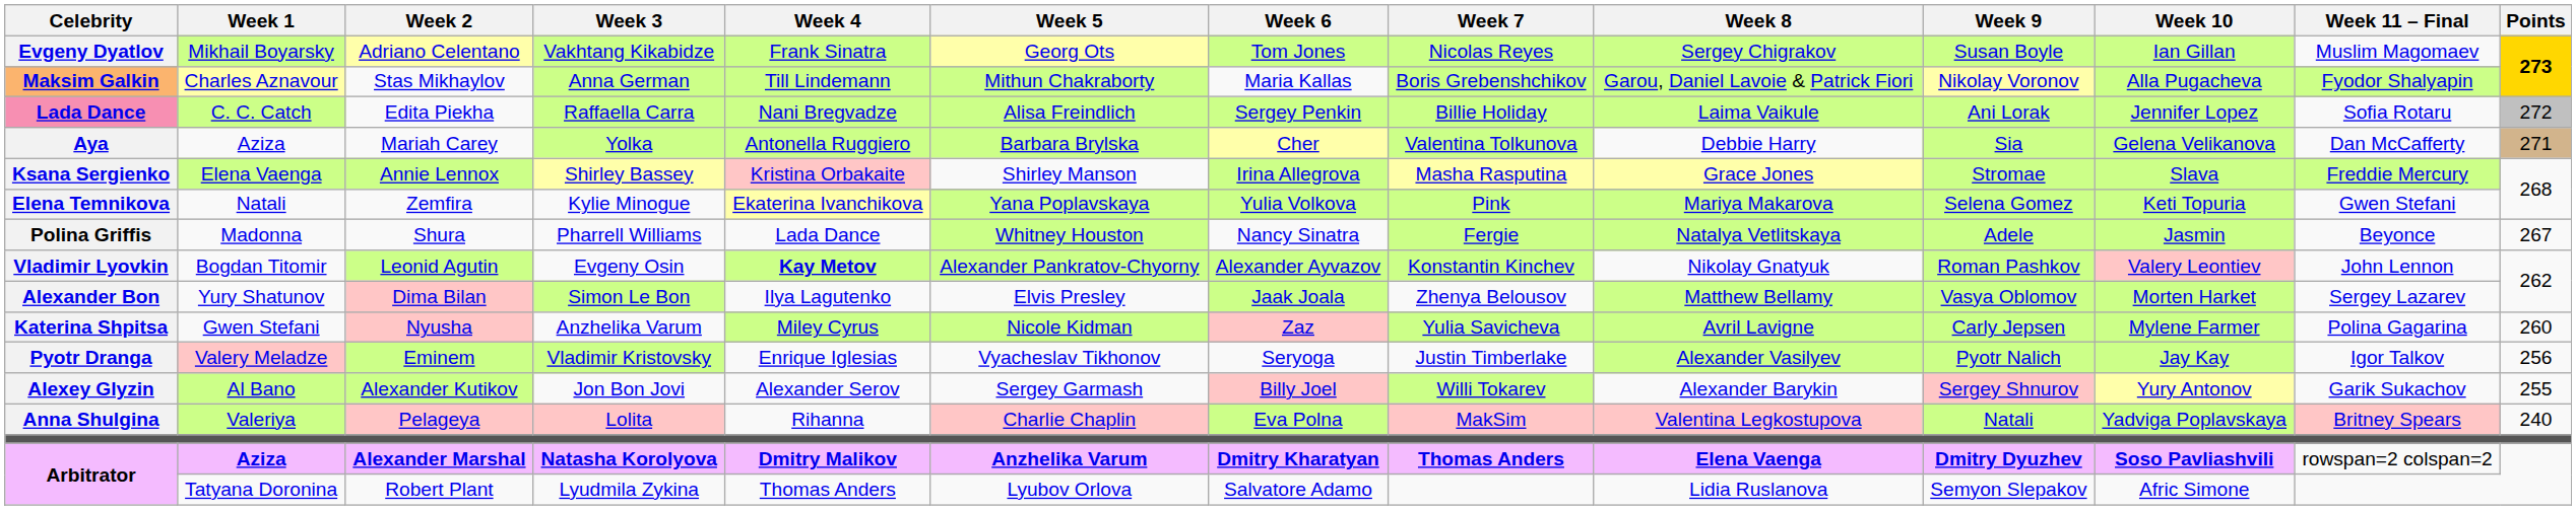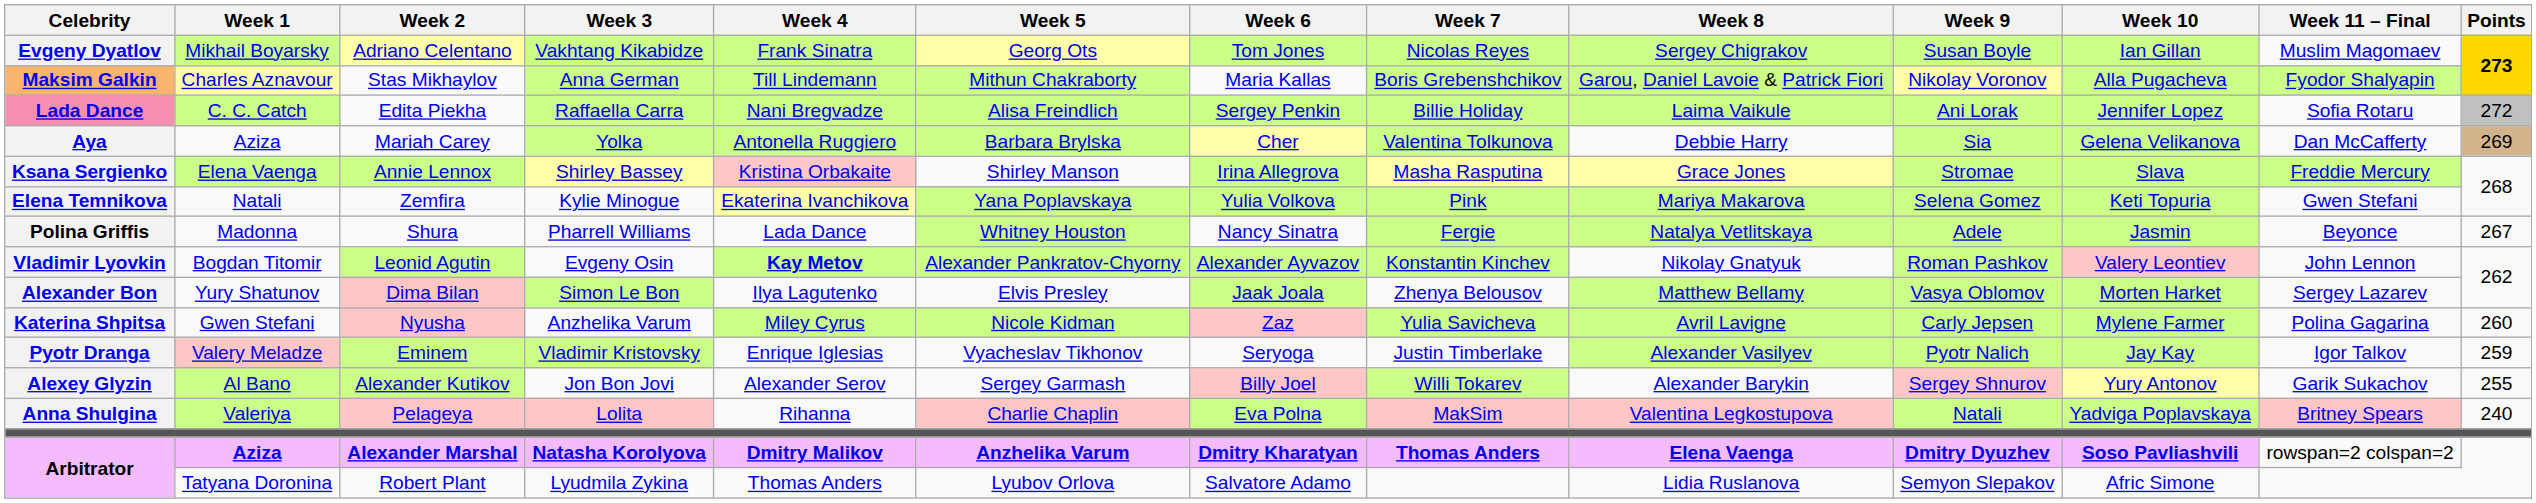 <table class="wikitable" style="text-align:center; font-size:90%; line-height:16px;" width="120%">
 <tr>
 <th>Celebrity</th>
 <th>Week 1</th>
 <th>Week 2</th>
 <th>Week 3</th>
 <th>Week 4</th>
 <th>Week 5</th>
 <th>Week 6</th>
 <th>Week 7</th>
 <th>Week 8</th>
 <th>Week 9</th>
 <th>Week 10</th>
 <th>Week 11 – Final</th>
 <th>Points</th>
 </tr>
 <tr>
 <th><a href='#'>Evgeny Dyatlov</a></th>
 <td style="background:#ccff88;"><a href='#'>Mikhail Boyarsky</a></td>
 <td style="background:#ffffaa;"><a href='#'>Adriano Celentano</a></td>
 <td style="background:#ccff88;"><a href='#'>Vakhtang Kikabidze</a></td>
 <td style="background:#ccff88;"><a href='#'>Frank Sinatra</a></td>
 <td style="background:#ffffaa;"><a href='#'>Georg Ots</a></td>
 <td style="background:#ccff88;"><a href='#'>Tom Jones</a></td>
 <td style="background:#ccff88;"><a href='#'>Nicolas Reyes</a></td>
 <td style="background:#ccff88;"><a href='#'>Sergey Chigrakov</a></td>
 <td style="background:#ccff88;"><a href='#'>Susan Boyle</a></td>
 <td style="background:#ccff88;"><a href='#'>Ian Gillan</a></td>
 <td><a href='#'>Muslim Magomaev</a></td>
 <td rowspan=2 style="background:gold;"><strong>273</strong></td>
 </tr>
 <tr>
 <th style="background:#fbb46e;"><a href='#'>Maksim Galkin</a></th>
 <td style="background:#ffffaa;"><a href='#'>Charles Aznavour</a></td>
 <td><a href='#'>Stas Mikhaylov</a></td>
 <td style="background:#ccff88;"><a href='#'>Anna German</a></td>
 <td style="background:#ccff88;"><a href='#'>Till Lindemann</a></td>
 <td style="background:#ccff88;"><a href='#'>Mithun Chakraborty</a></td>
 <td><a href='#'>Maria Kallas</a></td>
 <td style="background:#ccff88;"><a href='#'>Boris Grebenshchikov</a></td>
 <td style="background:#ccff88;"><a href='#'>Garou</a>, <a href='#'>Daniel Lavoie</a> & <a href='#'>Patrick Fiori</a></td>
 <td style="background:#ffffaa;"><a href='#'>Nikolay Voronov</a></td>
 <td style="background:#ccff88;"><a href='#'>Alla Pugacheva</a></td>
 <td style="background:#ccff88;"><a href='#'>Fyodor Shalyapin</a></td>
 </tr>
 <tr>
 <th style="background:#f78fb2;"><a href='#'>Lada Dance</a></th>
 <td style="background:#ccff88;"><a href='#'>C. C. Catch</a></td>
 <td><a href='#'>Edita Piekha</a></td>
 <td style="background:#ccff88;"><a href='#'>Raffaella Carra</a></td>
 <td style="background:#ccff88;"><a href='#'>Nani Bregvadze</a></td>
 <td style="background:#ccff88;"><a href='#'>Alisa Freindlich</a></td>
 <td style="background:#ccff88;"><a href='#'>Sergey Penkin</a></td>
 <td style="background:#ccff88;"><a href='#'>Billie Holiday</a></td>
 <td style="background:#ccff88;"><a href='#'>Laima Vaikule</a></td>
 <td style="background:#ccff88;"><a href='#'>Ani Lorak</a></td>
 <td style="background:#ccff88;"><a href='#'>Jennifer Lopez</a></td>
 <td><a href='#'>Sofia Rotaru</a></td>
 <td style="background:silver;">272</td>
 </tr>
 <tr>
 <th><a href='#'>Aya</a></th>
 <td><a href='#'>Aziza</a></td>
 <td><a href='#'>Mariah Carey</a></td>
 <td style="background:#ccff88;"><a href='#'>Yolka</a></td>
 <td style="background:#ccff88;"><a href='#'>Antonella Ruggiero</a></td>
 <td style="background:#ccff88;"><a href='#'>Barbara Brylska</a></td>
 <td style="background:#ffffaa;"><a href='#'>Cher</a></td>
 <td style="background:#ccff88;"><a href='#'>Valentina Tolkunova</a></td>
 <td><a href='#'>Debbie Harry</a></td>
 <td style="background:#ccff88;"><a href='#'>Sia</a></td>
 <td style="background:#ccff88;"><a href='#'>Gelena Velikanova</a></td>
 <td><a href='#'>Dan McCafferty</a></td>
-<td style="background:tan;">271</td>
+<td style="background:tan;">269</td>
 </tr>
 <tr>
 <th><a href='#'>Ksana Sergienko</a></th>
 <td style="background:#ccff88;"><a href='#'>Elena Vaenga</a></td>
 <td style="background:#ccff88;"><a href='#'>Annie Lennox</a></td>
 <td style="background:#ffffaa;"><a href='#'>Shirley Bassey</a></td>
 <td style="background:#ffc6c6;"><a href='#'>Kristina Orbakaite</a></td>
 <td><a href='#'>Shirley Manson</a></td>
 <td style="background:#ccff88;"><a href='#'>Irina Allegrova</a></td>
 <td style="background:#ffffaa;"><a href='#'>Masha Rasputina</a></td>
 <td style="background:#ffffaa;"><a href='#'>Grace Jones</a></td>
 <td style="background:#ccff88;"><a href='#'>Stromae</a></td>
 <td style="background:#ccff88;"><a href='#'>Slava</a></td>
 <td style="background:#ccff88;"><a href='#'>Freddie Mercury</a></td>
 <td rowspan=2>268</td>
 </tr>
 <tr>
 <th><a href='#'>Elena Temnikova</a></th>
 <td><a href='#'>Natali</a></td>
 <td><a href='#'>Zemfira</a></td>
 <td><a href='#'>Kylie Minogue</a></td>
 <td style="background:#ffffaa;"><a href='#'>Ekaterina Ivanchikova</a></td>
 <td style="background:#ccff88;"><a href='#'>Yana Poplavskaya</a></td>
 <td style="background:#ccff88;"><a href='#'>Yulia Volkova</a></td>
 <td style="background:#ccff88;"><a href='#'>Pink</a></td>
 <td style="background:#ccff88;"><a href='#'>Mariya Makarova</a></td>
 <td style="background:#ccff88;"><a href='#'>Selena Gomez</a></td>
 <td style="background:#ccff88;"><a href='#'>Keti Topuria</a></td>
 <td><a href='#'>Gwen Stefani</a></td>
 </tr>
 <tr>
 <th>Polina Griffis</th>
 <td><a href='#'>Madonna</a></td>
 <td><a href='#'>Shura</a></td>
 <td><a href='#'>Pharrell Williams</a></td>
 <td><a href='#'>Lada Dance</a></td>
 <td style="background:#ccff88;"><a href='#'>Whitney Houston</a></td>
 <td><a href='#'>Nancy Sinatra</a></td>
 <td style="background:#ccff88;"><a href='#'>Fergie</a></td>
 <td style="background:#ccff88;"><a href='#'>Natalya Vetlitskaya</a></td>
 <td style="background:#ccff88;"><a href='#'>Adele</a></td>
 <td style="background:#ccff88;"><a href='#'>Jasmin</a></td>
 <td><a href='#'>Beyonce</a></td>
 <td>267</td>
 </tr>
 <tr>
 <th><a href='#'>Vladimir Lyovkin</a></th>
 <td><a href='#'>Bogdan Titomir</a></td>
 <td style="background:#ccff88;"><a href='#'>Leonid Agutin</a></td>
 <td><a href='#'>Evgeny Osin</a></td>
 <td style="background:#ccff88;"><strong><a href='#'>Kay Metov</a></strong></td>
 <td style="background:#ccff88;"><a href='#'>Alexander Pankratov-Chyorny</a></td>
 <td style="background:#ccff88;"><a href='#'>Alexander Ayvazov</a></td>
 <td style="background:#ccff88;"><a href='#'>Konstantin Kinchev</a></td>
 <td><a href='#'>Nikolay Gnatyuk</a></td>
 <td style="background:#ccff88;"><a href='#'>Roman Pashkov</a></td>
 <td style="background:#ffc6c6;"><a href='#'>Valery Leontiev</a></td>
 <td><a href='#'>John Lennon</a></td>
 <td rowspan=2>262</td>
 </tr>
 <tr>
 <th><a href='#'>Alexander Bon</a></th>
 <td><a href='#'>Yury Shatunov</a></td>
 <td style="background:#ffc6c6;"><a href='#'>Dima Bilan</a></td>
 <td style="background:#ccff88;"><a href='#'>Simon Le Bon</a></td>
 <td><a href='#'>Ilya Lagutenko</a></td>
 <td><a href='#'>Elvis Presley</a></td>
 <td style="background:#ccff88;"><a href='#'>Jaak Joala</a></td>
 <td><a href='#'>Zhenya Belousov</a></td>
 <td style="background:#ccff88;"><a href='#'>Matthew Bellamy</a></td>
 <td style="background:#ccff88;"><a href='#'>Vasya Oblomov</a></td>
 <td style="background:#ccff88;"><a href='#'>Morten Harket</a></td>
 <td><a href='#'>Sergey Lazarev</a></td>
 </tr>
 <tr>
 <th><a href='#'>Katerina Shpitsa</a></th>
 <td><a href='#'>Gwen Stefani</a></td>
 <td style="background:#ffc6c6;"><a href='#'>Nyusha</a></td>
 <td><a href='#'>Anzhelika Varum</a></td>
 <td style="background:#ccff88;"><a href='#'>Miley Cyrus</a></td>
 <td style="background:#ccff88;"><a href='#'>Nicole Kidman</a></td>
 <td style="background:#ffc6c6;"><a href='#'>Zaz</a></td>
 <td style="background:#ccff88;"><a href='#'>Yulia Savicheva</a></td>
 <td style="background:#ccff88;"><a href='#'>Avril Lavigne</a></td>
 <td style="background:#ccff88;"><a href='#'>Carly Jepsen</a></td>
 <td style="background:#ccff88;"><a href='#'>Mylene Farmer</a></td>
 <td><a href='#'>Polina Gagarina</a></td>
 <td>260</td>
 </tr>
 <tr>
 <th><a href='#'>Pyotr Dranga</a></th>
 <td style="background:#ffc6c6;"><a href='#'>Valery Meladze</a></td>
 <td style="background:#ccff88;"><a href='#'>Eminem</a></td>
 <td style="background:#ccff88;"><a href='#'>Vladimir Kristovsky</a></td>
 <td><a href='#'>Enrique Iglesias</a></td>
 <td><a href='#'>Vyacheslav Tikhonov</a></td>
 <td><a href='#'>Seryoga</a></td>
 <td><a href='#'>Justin Timberlake</a></td>
 <td style="background:#ccff88;"><a href='#'>Alexander Vasilyev</a></td>
 <td style="background:#ccff88;"><a href='#'>Pyotr Nalich</a></td>
 <td style="background:#ccff88;"><a href='#'>Jay Kay</a></td>
 <td><a href='#'>Igor Talkov</a></td>
-<td>256</td>
+<td>259</td>
 </tr>
 <tr>
 <th><a href='#'>Alexey Glyzin</a></th>
 <td style="background:#ccff88;"><a href='#'>Al Bano</a></td>
 <td style="background:#ccff88;"><a href='#'>Alexander Kutikov</a></td>
 <td><a href='#'>Jon Bon Jovi</a></td>
 <td><a href='#'>Alexander Serov</a></td>
 <td><a href='#'>Sergey Garmash</a></td>
 <td style="background:#ffc6c6;"><a href='#'>Billy Joel</a></td>
 <td style="background:#ccff88;"><a href='#'>Willi Tokarev</a></td>
 <td><a href='#'>Alexander Barykin</a></td>
 <td style="background:#ffc6c6;"><a href='#'>Sergey Shnurov</a></td>
 <td style="background:#ffffaa;"><a href='#'>Yury Antonov</a></td>
 <td><a href='#'>Garik Sukachov</a></td>
 <td>255</td>
 </tr>
 <tr>
 <th><a href='#'>Anna Shulgina</a></th>
 <td style="background:#ccff88;"><a href='#'>Valeriya</a></td>
 <td style="background:#ffc6c6;"><a href='#'>Pelageya</a></td>
 <td style="background:#ffc6c6;"><a href='#'>Lolita</a></td>
 <td><a href='#'>Rihanna</a></td>
 <td style="background:#ffc6c6;"><a href='#'>Charlie Chaplin</a></td>
 <td style="background:#ccff88;"><a href='#'>Eva Polna</a></td>
 <td style="background:#ffc6c6;"><a href='#'>MakSim</a></td>
 <td style="background:#ffc6c6;"><a href='#'>Valentina Legkostupova</a></td>
 <td style="background:#ccff88;"><a href='#'>Natali</a></td>
 <td style="background:#ccff88;"><a href='#'>Yadviga Poplavskaya</a></td>
 <td style="background:#ffc6c6;"><a href='#'>Britney Spears</a></td>
 <td>240</td>
 </tr>
 <tr>
 <td colspan=14 style="background:#555555;"></td>
 </tr>
 <tr>
 <th rowspan=2 style="background:#f4bbff">Arbitrator</th>
 <th style="background:#f4bbff"><a href='#'>Aziza</a></th>
 <th style="background:#f4bbff"><a href='#'>Alexander Marshal</a></th>
 <th style="background:#f4bbff"><a href='#'>Natasha Korolyova</a></th>
 <th style="background:#f4bbff"><a href='#'>Dmitry Malikov</a></th>
 <th style="background:#f4bbff"><a href='#'>Anzhelika Varum</a></th>
 <th style="background:#f4bbff"><a href='#'>Dmitry Kharatyan</a></th>
 <th style="background:#f4bbff"><a href='#'>Thomas Anders</a></th>
 <th style="background:#f4bbff"><a href='#'>Elena Vaenga</a></th>
 <th style="background:#f4bbff"><a href='#'>Dmitry Dyuzhev</a></th>
 <th style="background:#f4bbff"><a href='#'>Soso Pavliashvili</a></th>
 <td>rowspan=2 colspan=2 </td>
 </tr>
 <tr>
 <td><a href='#'>Tatyana Doronina</a></td>
 <td><a href='#'>Robert Plant</a></td>
 <td><a href='#'>Lyudmila Zykina</a></td>
 <td><a href='#'>Thomas Anders</a></td>
 <td><a href='#'>Lyubov Orlova</a></td>
 <td><a href='#'>Salvatore Adamo</a></td>
 <td></td>
 <td><a href='#'>Lidia Ruslanova</a></td>
 <td><a href='#'>Semyon Slepakov</a></td>
 <td><a href='#'>Afric Simone</a></td>
 </tr>
 </table>
